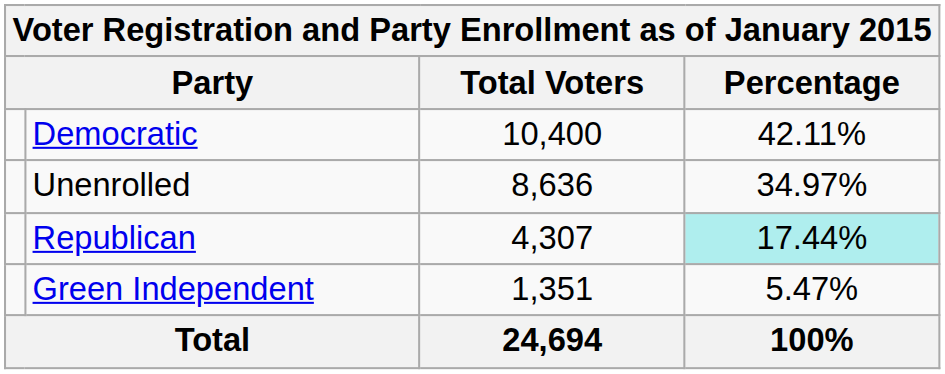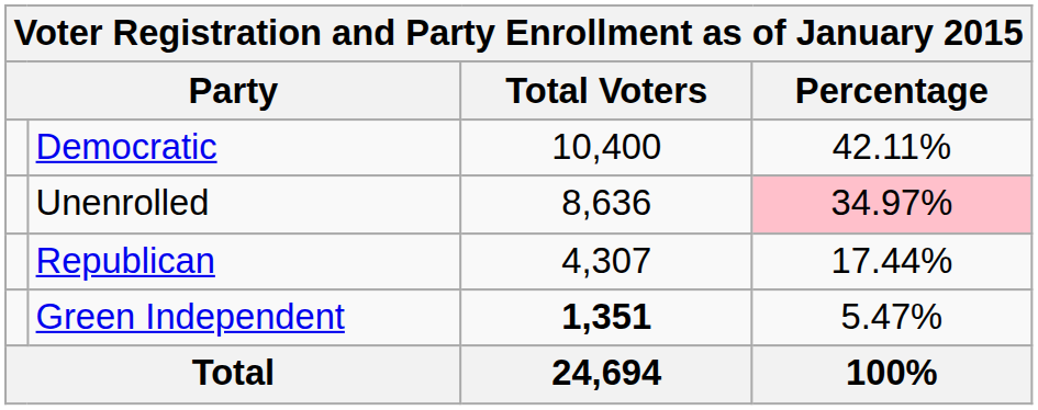 <table class=wikitable>
 <tr>
 <th colspan = 6>Voter Registration and Party Enrollment as of January 2015</th>
 </tr>
 <tr>
 <th colspan = 2>Party</th>
 <th>Total Voters</th>
 <th>Percentage</th>
 </tr>
 <tr>
 <td></td>
 <td><a href='#'>Democratic</a></td>
 <td align = center>10,400</td>
 <td align = center>42.11%</td>
 </tr>
 <tr>
 <td></td>
 <td>Unenrolled</td>
 <td align = center>8,636</td>
-<td align = center>34.97%</td>
+<td align = center style="background: pink;">34.97%</td>
 </tr>
 <tr>
 <td></td>
 <td><a href='#'>Republican</a></td>
 <td align = center>4,307</td>
-<td align = center style="background: paleturquoise;">17.44%</td>
+<td align = center>17.44%</td>
 </tr>
 <tr>
 <td></td>
 <td><a href='#'>Green Independent</a></td>
-<td align = center>1,351</td>
+<td align = center><strong>1,351</strong></td>
 <td align = center>5.47%</td>
 </tr>
 <tr>
 <th colspan = 2>Total</th>
 <th align = center>24,694</th>
 <th align = center>100%</th>
 </tr>
 </table>
